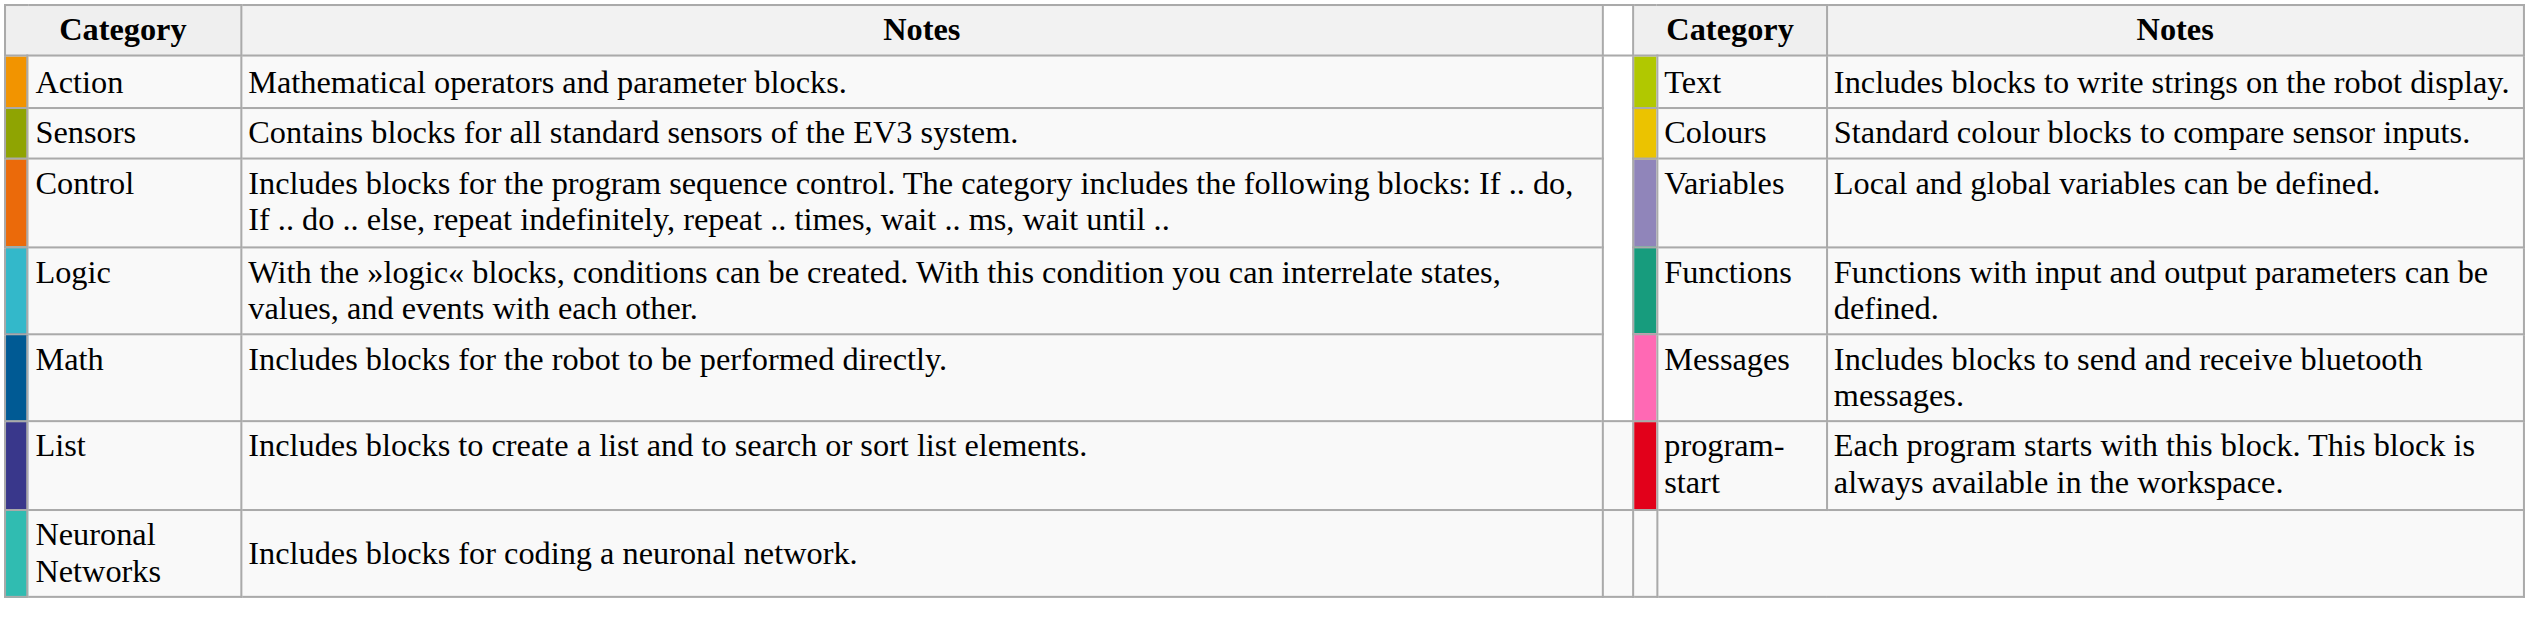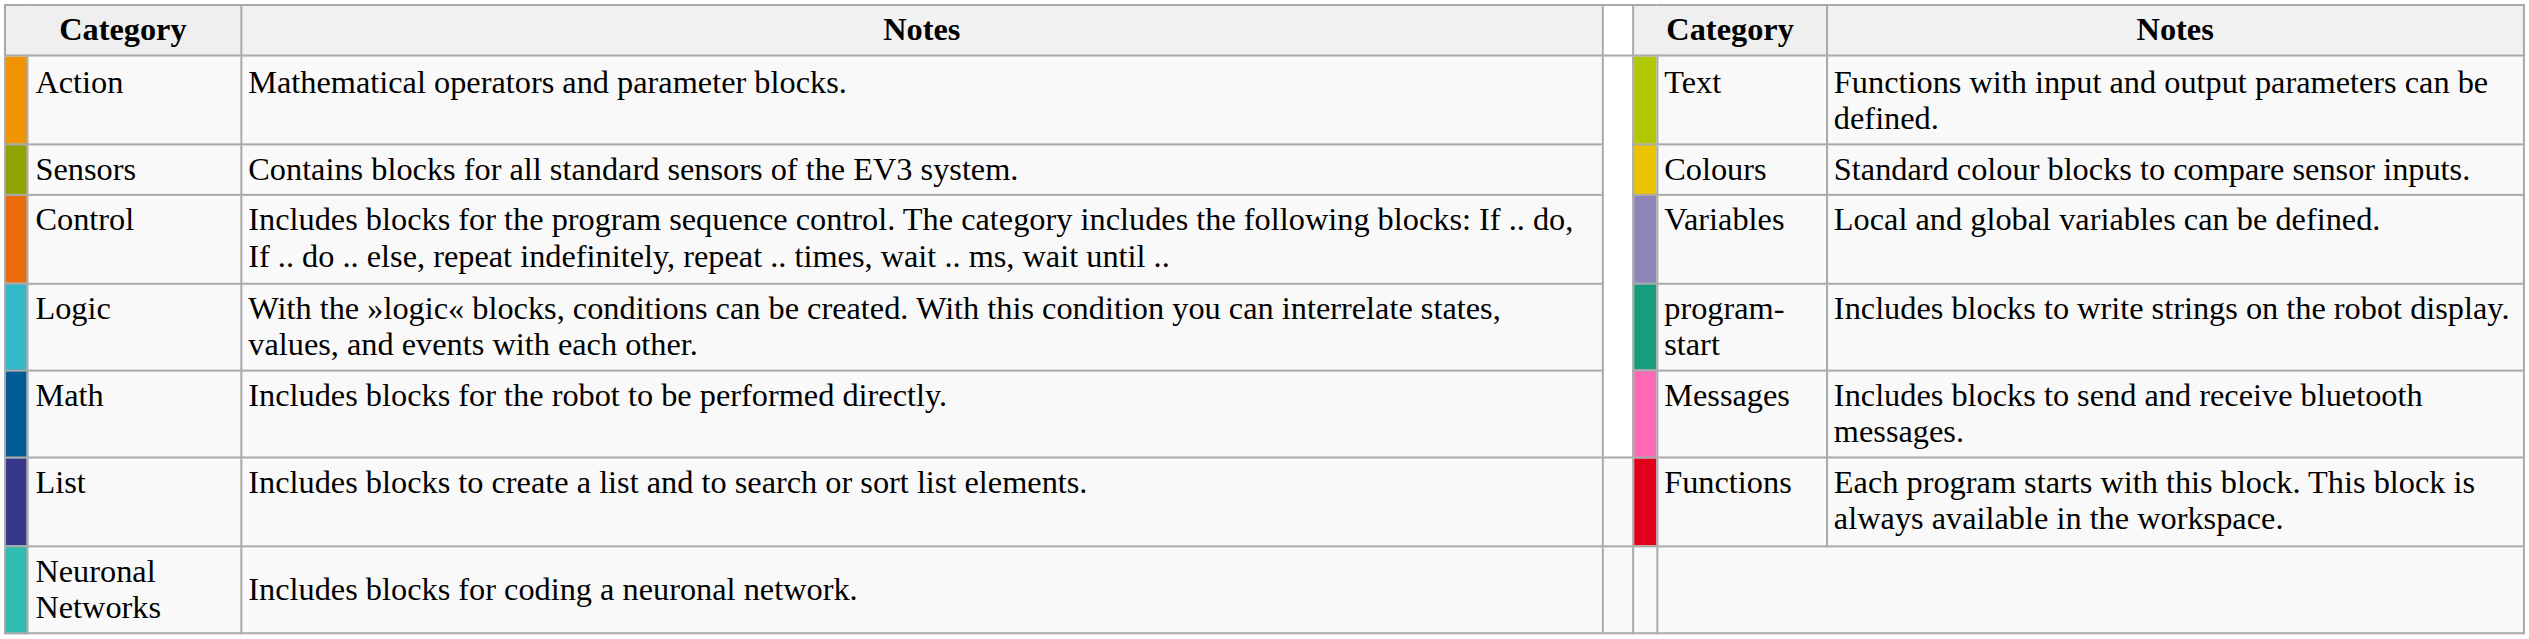 <table class="wikitable" style="text-align: left">
 <tr>
 <th colspan="2" style="background: #efefef;">Category</th>
 <th>Notes</th>
 <th style="background:white;">  </th>
 <th colspan="2" style="background: #efefef;">Category</th>
 <th>Notes</th>
 </tr>
 <tr valign="top">
 <td bgcolor="#f29400"> </td>
 <td>Action</td>
 <td>Mathematical operators and parameter blocks.</td>
 <td rowspan="5" bgcolor="white">  </td>
 <td bgcolor="#b1c800"> </td>
 <td>Text</td>
-<td>Includes blocks to write strings on the robot display.</td>
+<td>Functions with input and output parameters can be defined.</td>
 </tr>
 <tr valign="top">
 <td bgcolor="#8fa402"> </td>
 <td>Sensors</td>
 <td>Contains blocks for all standard sensors of the EV3 system.</td>
 <td bgcolor="#ebc300"> </td>
 <td>Colours</td>
 <td>Standard colour blocks to compare sensor inputs.</td>
 </tr>
 <tr valign="top">
 <td bgcolor="#eb6a0a"> </td>
 <td>Control</td>
 <td>Includes blocks for the program sequence control. The category includes the following blocks: If .. do, If .. do .. else, repeat indefinitely, repeat .. times, wait .. ms, wait until ..</td>
 <td bgcolor="#9085ba"> </td>
 <td>Variables</td>
 <td>Local and global variables can be defined.</td>
 </tr>
 <tr valign="top">
 <td bgcolor="#33b8ca"> </td>
 <td>Logic</td>
 <td>With the »logic« blocks, conditions can be created. With this condition you can interrelate states, values, and events with each other.</td>
 <td bgcolor="#179c7d"> </td>
-<td>Functions</td>
-<td>Functions with input and output parameters can be defined.</td>
+<td>program-start</td>
+<td>Includes blocks to write strings on the robot display.</td>
 </tr>
 <tr valign="top">
 <td bgcolor="#005a94"> </td>
 <td>Math</td>
 <td>Includes blocks for the robot to be performed directly.</td>
 <td bgcolor="#ff69b4"> </td>
 <td>Messages</td>
 <td>Includes blocks to send and receive bluetooth messages.</td>
 </tr>
 <tr valign="top">
 <td bgcolor="#39378b"> </td>
 <td>List</td>
 <td>Includes blocks to create a list and to search or sort list elements.</td>
 <td></td>
 <td bgcolor="#e2001a"> </td>
-<td>program-start</td>
+<td>Functions</td>
 <td>Each program starts with this block. This block is always available in the workspace.</td>
 </tr>
 <tr valing="top">
 <td bgcolor="#30bcb1"> </td>
 <td>Neuronal Networks</td>
 <td>Includes blocks for coding a neuronal network.</td>
 <td></td>
 <td></td>
 </tr>
 </table>
